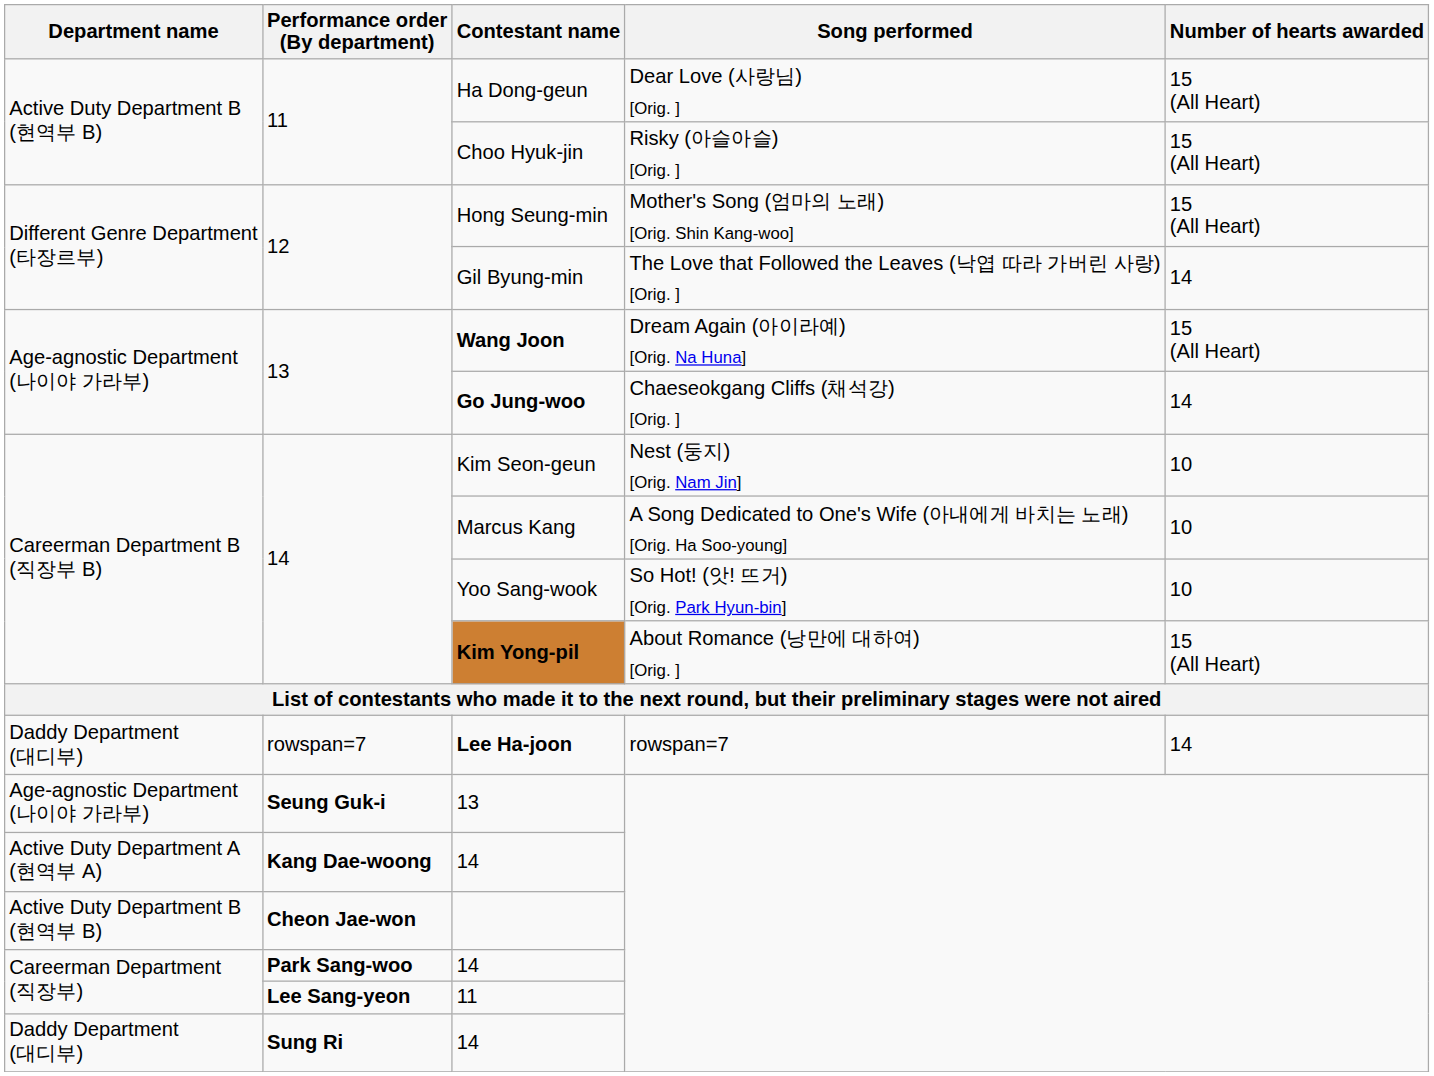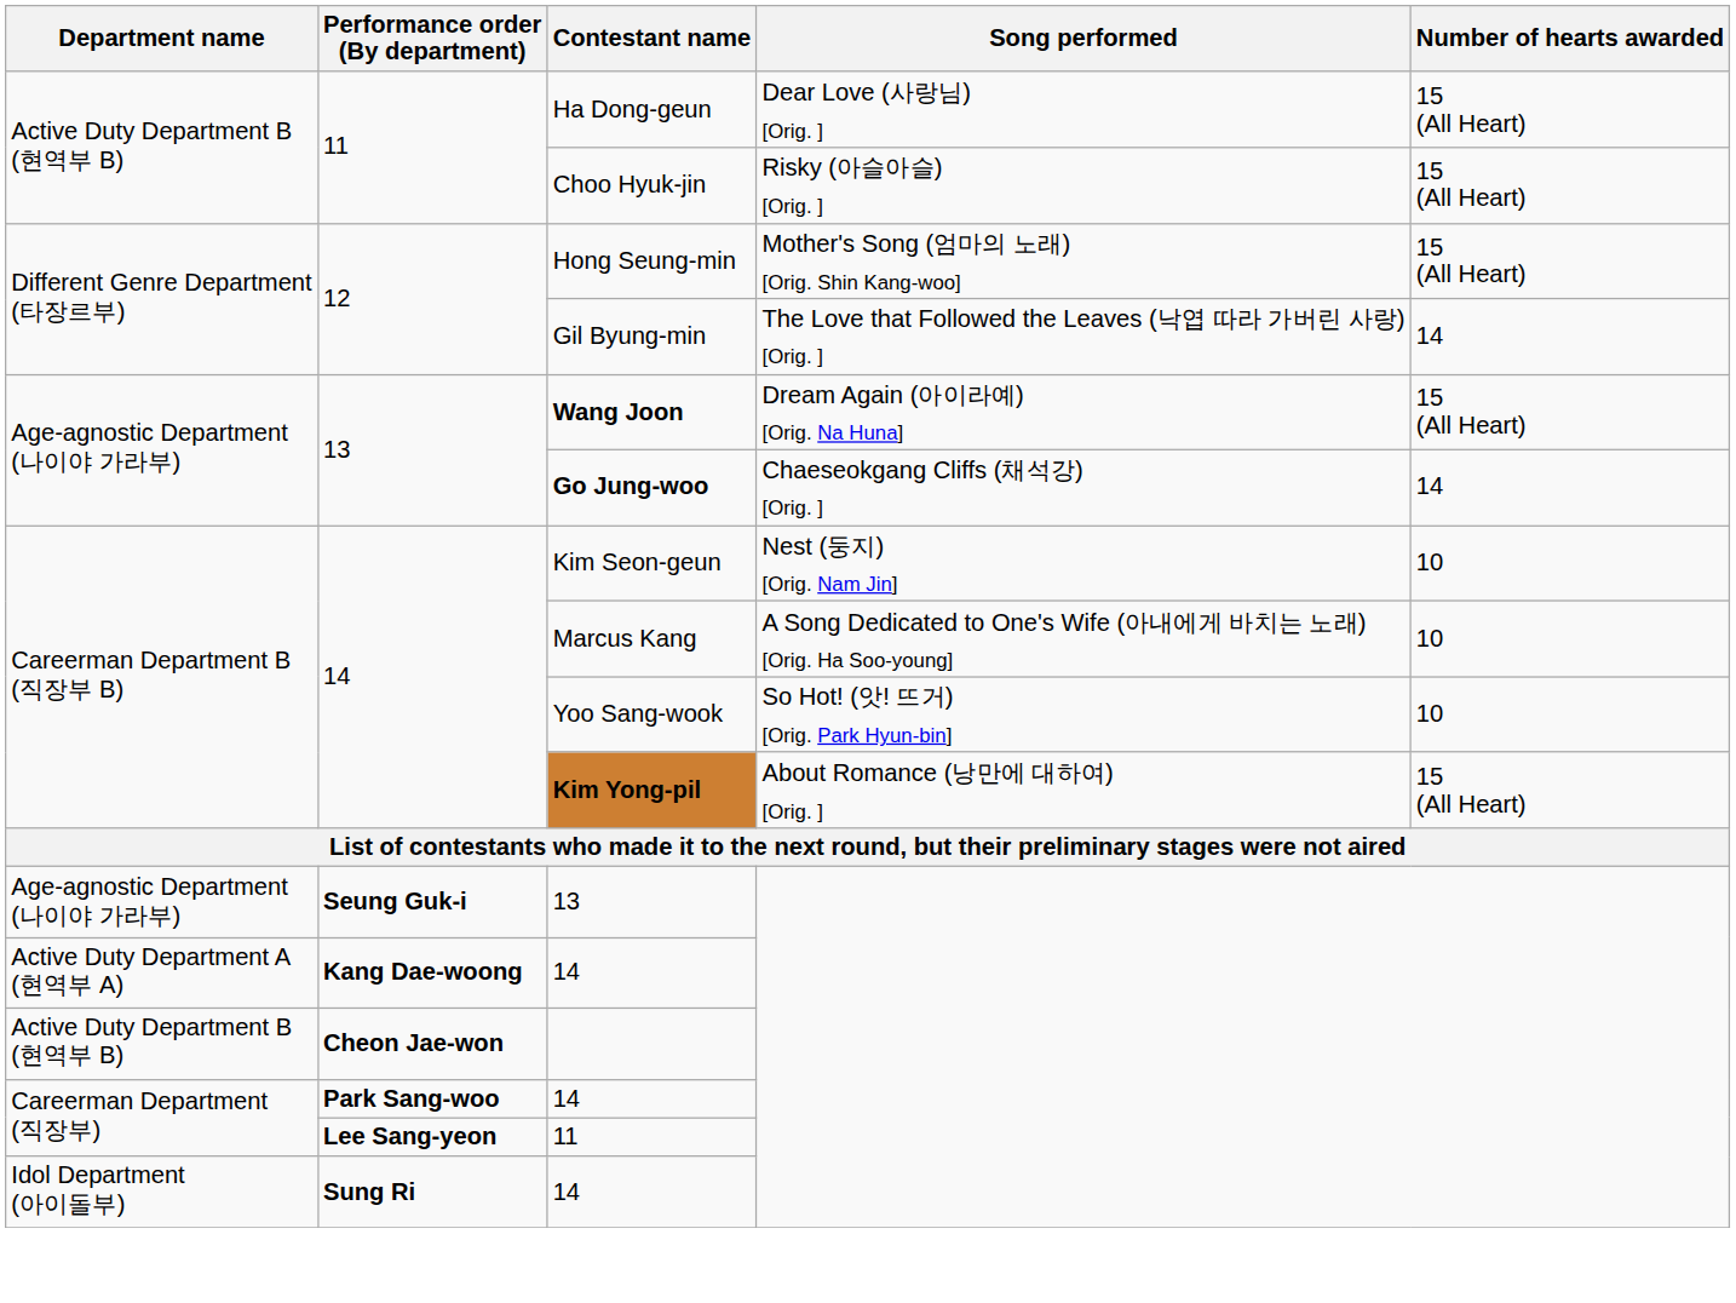 <table class="wikitable">
 <tr>
 <th>Department name</th>
 <th>Performance order<br>(By department)</th>
 <th>Contestant name</th>
 <th>Song performed</th>
 <th>Number of hearts awarded</th>
 </tr>
 <tr>
 <td rowspan=2>Active Duty Department B<br>(현역부 B)</td>
 <td rowspan=2>11</td>
 <td>Ha Dong-geun</td>
 <td>Dear Love (사랑님)<br><sub>[Orig. ]</sub></td>
 <td>15<br>(All Heart)</td>
 </tr>
 <tr>
 <td>Choo Hyuk-jin</td>
 <td>Risky (아슬아슬)<br><sub>[Orig. ]</sub></td>
 <td>15<br>(All Heart)</td>
 </tr>
 <tr>
 <td rowspan=2>Different Genre Department<br>(타장르부)</td>
 <td rowspan=2>12</td>
 <td>Hong Seung-min</td>
 <td>Mother's Song (엄마의 노래)<br><sub>[Orig. Shin Kang-woo]</sub></td>
 <td>15<br>(All Heart)</td>
 </tr>
 <tr>
 <td>Gil Byung-min</td>
 <td>The Love that Followed the Leaves (낙엽 따라 가버린 사랑)<br><sub>[Orig. ]</sub></td>
 <td>14</td>
 </tr>
 <tr>
 <td rowspan=2>Age-agnostic Department<br>(나이야 가라부)</td>
 <td rowspan=2>13</td>
 <td><strong>Wang Joon</strong></td>
 <td>Dream Again (아이라예)<br><sub>[Orig. <a href='#'>Na Huna</a>]</sub></td>
 <td>15<br>(All Heart)</td>
 </tr>
 <tr>
 <td><strong>Go Jung-woo</strong></td>
 <td>Chaeseokgang Cliffs (채석강)<br><sub>[Orig. ]</sub></td>
 <td>14</td>
 </tr>
 <tr>
 <td rowspan=4>Careerman Department B<br>(직장부 B)</td>
 <td rowspan=4>14</td>
 <td>Kim Seon-geun</td>
 <td>Nest (둥지)<br><sub>[Orig. <a href='#'>Nam Jin</a>]</sub></td>
 <td>10</td>
 </tr>
 <tr>
 <td>Marcus Kang</td>
 <td>A Song Dedicated to One's Wife (아내에게 바치는 노래)<br><sub>[Orig. Ha Soo-young]</sub></td>
 <td>10</td>
 </tr>
 <tr>
 <td>Yoo Sang-wook</td>
 <td>So Hot! (앗! 뜨거)<br><sub>[Orig. <a href='#'>Park Hyun-bin</a>]</sub></td>
 <td>10</td>
 </tr>
 <tr>
 <td style="background: #CD7F32; color: black;"><strong>Kim Yong-pil</strong></td>
 <td>About Romance (낭만에 대하여)<br><sub>[Orig. ]</sub></td>
 <td>15<br>(All Heart)</td>
 </tr>
 <tr>
 <th colspan=5>List of contestants who made it to the next round, but their preliminary stages were not aired</th>
 </tr>
 <tr>
-<td>Daddy Department<br>(대디부)</td>
-<td>rowspan=7 </td>
-<td><strong>Lee Ha-joon</strong></td>
-<td>rowspan=7 </td>
-<td>14</td>
-</tr>
-<tr>
 <td>Age-agnostic Department<br>(나이야 가라부)</td>
 <td><strong>Seung Guk-i</strong></td>
 <td>13</td>
 </tr>
 <tr>
 <td>Active Duty Department A<br>(현역부 A)</td>
 <td><strong>Kang Dae-woong</strong></td>
 <td>14</td>
 </tr>
 <tr>
 <td>Active Duty Department B<br>(현역부 B)</td>
 <td><strong>Cheon Jae-won</strong></td>
 <td></td>
 </tr>
 <tr>
 <td rowspan=2>Careerman Department<br>(직장부)</td>
 <td><strong>Park Sang-woo</strong></td>
 <td>14</td>
 </tr>
 <tr>
 <td><strong>Lee Sang-yeon</strong></td>
 <td>11</td>
 </tr>
 <tr>
-<td>Daddy Department<br>(대디부)</td>
+<td>Idol Department<br>(아이돌부)</td>
 <td><strong>Sung Ri</strong></td>
 <td>14</td>
 </tr>
 </table>
